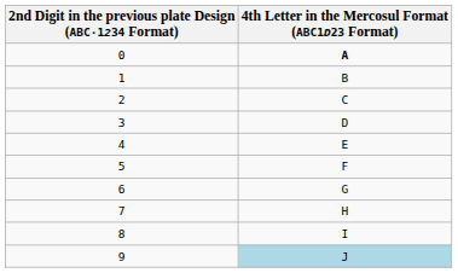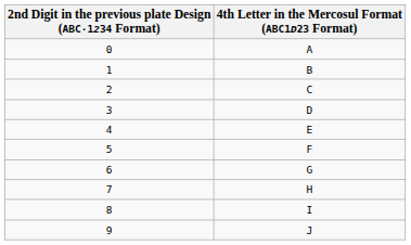 <table class="wikitable">
 <tr>
 <th>2nd Digit in the previous plate Design<br>(<code>ABC·1<em>2</em>34</code> Format)</th>
 <th>4th Letter in the Mercosul Format<br>(<code>ABC1<em>D</em>23</code> Format)</th>
 </tr>
 <tr>
 <td style="text-align:center;"><code>0</code></td>
-<td style="text-align:center;"><strong><code>A</code></strong></td>
+<td style="text-align:center;"><code>A</code></td>
 </tr>
 <tr>
 <td style="text-align:center;"><code>1</code></td>
 <td style="text-align:center;"><code>B</code></td>
 </tr>
 <tr>
 <td style="text-align:center;"><code>2</code></td>
 <td style="text-align:center;"><code>C</code></td>
 </tr>
 <tr>
 <td style="text-align:center;"><code>3</code></td>
 <td style="text-align:center;"><code>D</code></td>
 </tr>
 <tr>
 <td style="text-align:center;"><code>4</code></td>
 <td style="text-align:center;"><code>E</code></td>
 </tr>
 <tr>
 <td style="text-align:center;"><code>5</code></td>
 <td style="text-align:center;"><code>F</code></td>
 </tr>
 <tr>
 <td style="text-align:center;"><code>6</code></td>
 <td style="text-align:center;"><code>G</code></td>
 </tr>
 <tr>
 <td style="text-align:center;"><code>7</code></td>
 <td style="text-align:center;"><code>H</code></td>
 </tr>
 <tr>
 <td style="text-align:center;"><code>8</code></td>
 <td style="text-align:center;"><code>I</code></td>
 </tr>
 <tr>
 <td style="text-align:center;"><code>9</code></td>
-<td style="background: lightblue; text-align:center;"><code>J</code></td>
+<td style="text-align:center;"><code>J</code></td>
 </tr>
 </table>
